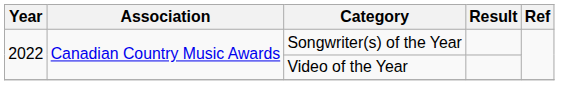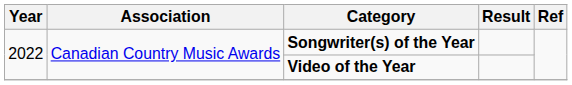 <table class="wikitable">
 <tr>
 <th>Year</th>
 <th>Association</th>
 <th>Category</th>
 <th>Result</th>
 <th>Ref</th>
 </tr>
 <tr>
 <td rowspan=2>2022</td>
 <td rowspan=2><a href='#'>Canadian Country Music Awards</a></td>
-<td>Songwriter(s) of the Year</td>
+<td><strong>Songwriter(s) of the Year</strong></td>
 <td></td>
 <td rowspan=2><br></td>
 </tr>
 <tr>
-<td>Video of the Year</td>
+<td><strong>Video of the Year</strong></td>
 <td></td>
 </tr>
 <tr>
 </tr>
 </table>
